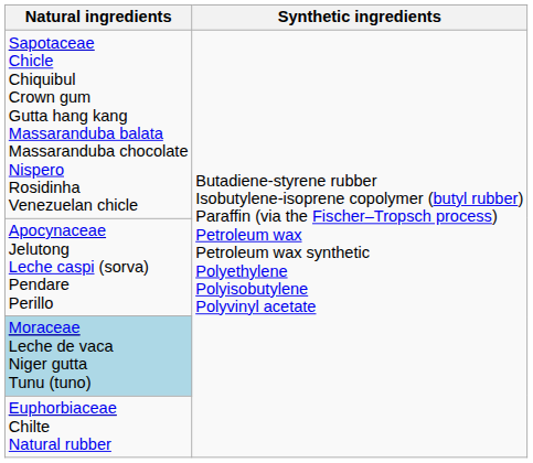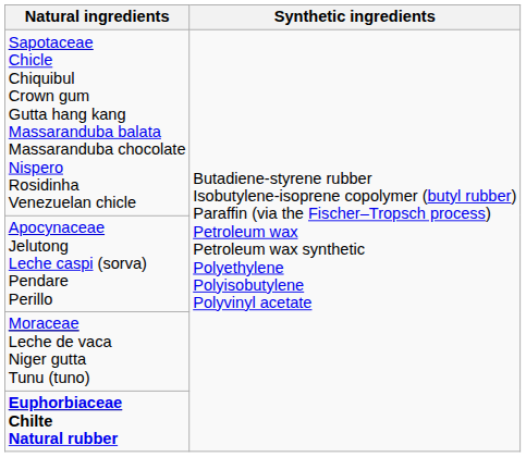 <table class="wikitable">
 <tr>
 <th>Natural ingredients</th>
 <th>Synthetic ingredients</th>
 </tr>
 <tr>
 <td><u><a href='#'>Sapotaceae</a></u><br><a href='#'>Chicle</a><br>Chiquibul<br>Crown gum<br>Gutta hang kang<br><a href='#'>Massaranduba balata</a><br>Massaranduba chocolate<br><a href='#'>Nispero</a><br>Rosidinha<br>Venezuelan chicle</td>
 <td rowspan="4">Butadiene-styrene rubber<br>Isobutylene-isoprene copolymer (<a href='#'>butyl rubber</a>)<br>Paraffin (via the <a href='#'>Fischer–Tropsch process</a>)<br><a href='#'>Petroleum wax</a><br>Petroleum wax synthetic<br><a href='#'>Polyethylene</a><br><a href='#'>Polyisobutylene</a><br><a href='#'>Polyvinyl acetate</a></td>
 </tr>
 <tr>
 <td><u><a href='#'>Apocynaceae</a></u><br>Jelutong<br><a href='#'>Leche caspi</a> (sorva)<br>Pendare<br>Perillo</td>
 </tr>
 <tr>
-<td style="background: lightblue;"><u><a href='#'>Moraceae</a></u><br>Leche de vaca<br>Niger gutta<br>Tunu (tuno)</td>
+<td><u><a href='#'>Moraceae</a></u><br>Leche de vaca<br>Niger gutta<br>Tunu (tuno)</td>
 </tr>
 <tr>
-<td><u><a href='#'>Euphorbiaceae</a></u><br>Chilte<br><a href='#'>Natural rubber</a></td>
+<td><strong><u><a href='#'>Euphorbiaceae</a></u><br>Chilte<br><a href='#'>Natural rubber</a></strong></td>
 </tr>
 </table>
